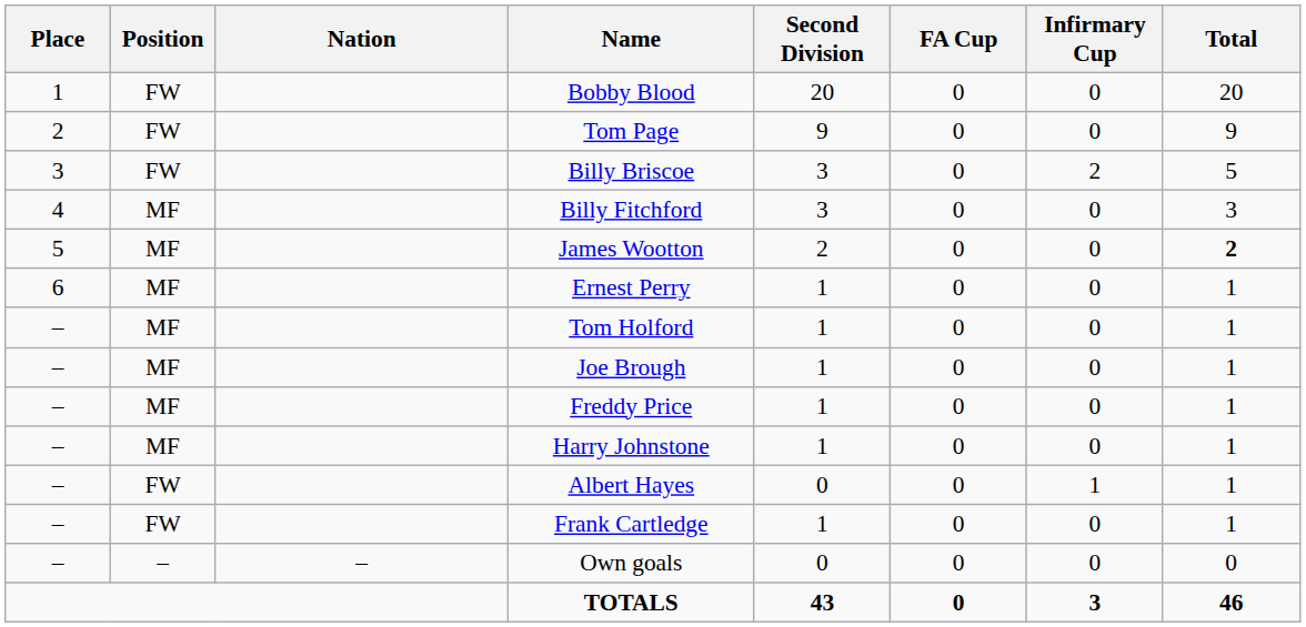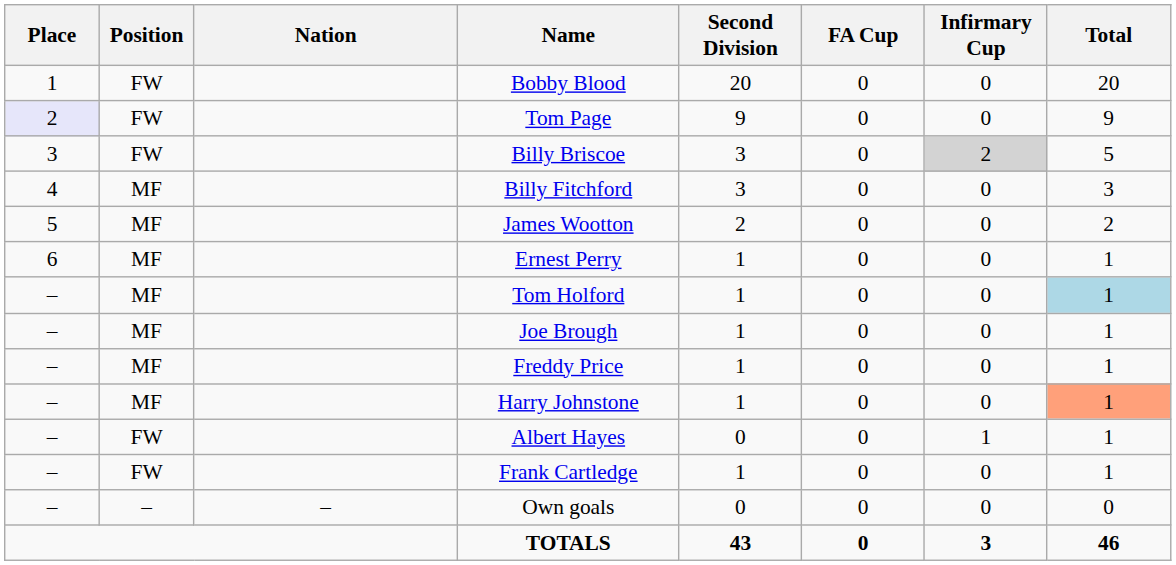 <table class="wikitable" style="font-size: 95%; text-align: center;">
 <tr>
 <th width=60>Place</th>
 <th width=60>Position</th>
 <th width=180>Nation</th>
 <th width=150>Name</th>
 <th width=80>Second Division</th>
 <th width=80>FA Cup</th>
 <th width=80>Infirmary Cup</th>
 <th width=80>Total</th>
 </tr>
 <tr>
 <td>1</td>
 <td>FW</td>
 <td></td>
 <td><a href='#'>Bobby Blood</a></td>
 <td>20</td>
 <td>0</td>
 <td>0</td>
 <td>20</td>
 </tr>
 <tr>
-<td>2</td>
+<td style="background: lavender;">2</td>
 <td>FW</td>
 <td></td>
 <td><a href='#'>Tom Page</a></td>
 <td>9</td>
 <td>0</td>
 <td>0</td>
 <td>9</td>
 </tr>
 <tr>
 <td>3</td>
 <td>FW</td>
 <td></td>
 <td><a href='#'>Billy Briscoe</a></td>
 <td>3</td>
 <td>0</td>
-<td>2</td>
+<td style="background: lightgrey;">2</td>
 <td>5</td>
 </tr>
 <tr>
 <td>4</td>
 <td>MF</td>
 <td></td>
 <td><a href='#'>Billy Fitchford</a></td>
 <td>3</td>
 <td>0</td>
 <td>0</td>
 <td>3</td>
 </tr>
 <tr>
 <td>5</td>
 <td>MF</td>
 <td></td>
 <td><a href='#'>James Wootton</a></td>
 <td>2</td>
 <td>0</td>
 <td>0</td>
-<td><strong>2</strong></td>
+<td>2</td>
 </tr>
 <tr>
 <td>6</td>
 <td>MF</td>
 <td></td>
 <td><a href='#'>Ernest Perry</a></td>
 <td>1</td>
 <td>0</td>
 <td>0</td>
 <td>1</td>
 </tr>
 <tr>
 <td>–</td>
 <td>MF</td>
 <td></td>
 <td><a href='#'>Tom Holford</a></td>
 <td>1</td>
 <td>0</td>
 <td>0</td>
-<td>1</td>
+<td style="background: lightblue;">1</td>
 </tr>
 <tr>
 <td>–</td>
 <td>MF</td>
 <td></td>
 <td><a href='#'>Joe Brough</a></td>
 <td>1</td>
 <td>0</td>
 <td>0</td>
 <td>1</td>
 </tr>
 <tr>
 <td>–</td>
 <td>MF</td>
 <td></td>
 <td><a href='#'>Freddy Price</a></td>
 <td>1</td>
 <td>0</td>
 <td>0</td>
 <td>1</td>
 </tr>
 <tr>
 <td>–</td>
 <td>MF</td>
 <td></td>
 <td><a href='#'>Harry Johnstone</a></td>
 <td>1</td>
 <td>0</td>
 <td>0</td>
-<td>1</td>
+<td style="background: lightsalmon;">1</td>
 </tr>
 <tr>
 <td>–</td>
 <td>FW</td>
 <td></td>
 <td><a href='#'>Albert Hayes</a></td>
 <td>0</td>
 <td>0</td>
 <td>1</td>
 <td>1</td>
 </tr>
 <tr>
 <td>–</td>
 <td>FW</td>
 <td></td>
 <td><a href='#'>Frank Cartledge</a></td>
 <td>1</td>
 <td>0</td>
 <td>0</td>
 <td>1</td>
 </tr>
 <tr>
 <td>–</td>
 <td>–</td>
 <td>–</td>
 <td>Own goals</td>
 <td>0</td>
 <td>0</td>
 <td>0</td>
 <td>0</td>
 </tr>
 <tr>
 <td colspan="3"></td>
 <td><strong>TOTALS</strong></td>
 <td><strong>43</strong></td>
 <td><strong>0</strong></td>
 <td><strong>3</strong></td>
 <td><strong>46</strong></td>
 </tr>
 </table>
